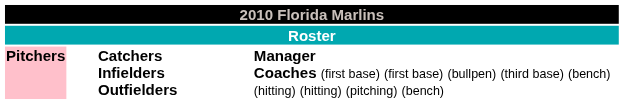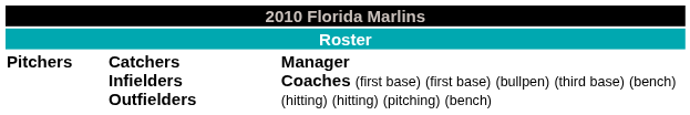 <table class="toccolours" style="font-size: 95%;">
 <tr>
 <th colspan="10" style="background-color: #000000; color: #C9C0BB; text-align: center;">2010 Florida Marlins</th>
 </tr>
 <tr>
 <td colspan="10" style="background-color: #00a8b0; color: #FFFFFF; text-align: center;"><strong>Roster</strong></td>
 </tr>
 <tr>
-<td valign="top" style="background: pink;"><strong>Pitchers</strong><br>                              </td>
+<td valign="top"><strong>Pitchers</strong><br>                              </td>
 <td width="25px"></td>
 <td valign="top"><strong>Catchers</strong><br>      <strong>Infielders</strong>            <strong>Outfielders</strong>         </td>
 <td width="25px"></td>
 <td valign="top"><strong>Manager</strong><br>  <strong>Coaches</strong>  <small>(first base)</small>  <small>(first base)</small>  <small>(bullpen)</small>  <small>(third base)</small>  <small>(bench)</small>  <small>(hitting)</small>  <small>(hitting)</small>  <small>(pitching)</small>  <small>(bench)</small></td>
 </tr>
 </table>
